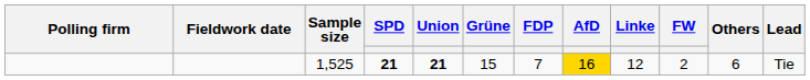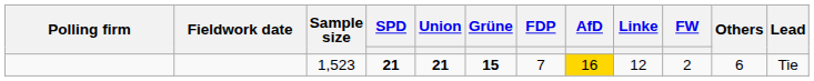 <table class="wikitable sortable mw-datatable mw-collapsible" style="text-align:center;font-size:90%;line-height:14px;">
 <tr style="height:40px;">
 <th style="width:155px;" rowspan="2">Polling firm</th>
 <th style="width:120px;" rowspan="2">Fieldwork date</th>
 <th style="width: 35px;" rowspan="2">Sample<br>size</th>
 <th class="unsortable" style="width:40px;"><a href='#'>SPD</a></th>
 <th class="unsortable" style="width:40px;"><a href='#'>Union</a></th>
 <th class="unsortable" style="width:40px;"><a href='#'>Grüne</a></th>
 <th class="unsortable" style="width:40px;"><a href='#'>FDP</a></th>
 <th class="unsortable" style="width:40px;"><a href='#'>AfD</a></th>
 <th class="unsortable" style="width:40px;"><a href='#'>Linke</a></th>
 <th class="unsortable" style="width:40px;"><a href='#'>FW</a></th>
 <th class="unsortable" style="width:30px;" rowspan="2">Others</th>
 <th style="width:30px;" rowspan="2">Lead</th>
 </tr>
 <tr>
 <th style="background:"></th>
 <th style="background:"></th>
 <th style="background:"></th>
 <th style="background:"></th>
 <th style="background:"></th>
 <th style="background:"></th>
 <th style="background:"></th>
 </tr>
 <tr>
 <td></td>
 <td></td>
-<td>1,525</td>
+<td>1,523</td>
 <td><strong>21</strong></td>
 <td><strong>21</strong></td>
-<td>15</td>
+<td><strong>15</strong></td>
 <td>7</td>
 <td style="background: gold;">16</td>
 <td>12</td>
 <td>2</td>
 <td>6</td>
 <td>Tie</td>
 </tr>
 </table>
